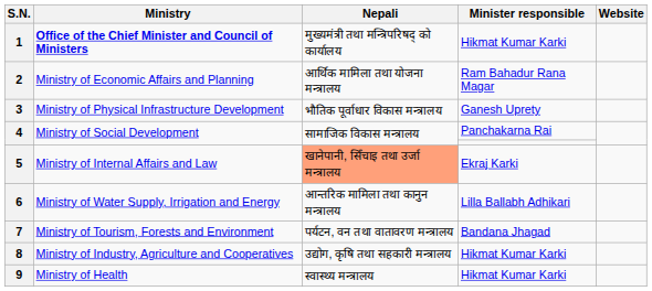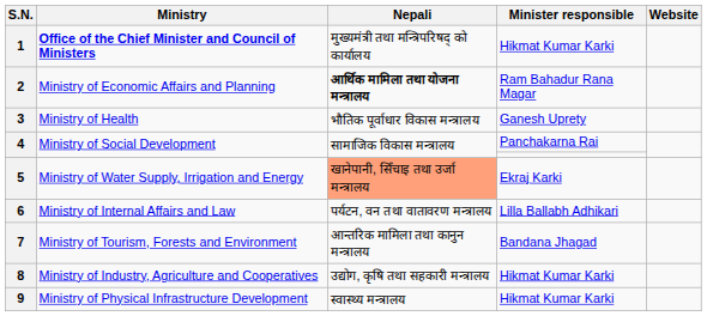 <table class="wikitable">
 <tr>
 <th>S.N.</th>
 <th>Ministry</th>
 <th>Nepali</th>
 <th>Minister responsible</th>
 <th>Website</th>
 </tr>
 <tr>
 <th>1</th>
 <td><strong><a href='#'>Office of the Chief Minister and Council of Ministers</a></strong></td>
 <td>मुख्यमंत्री तथा मन्त्रिपरिषद् को कार्यालय</td>
 <td><a href='#'>Hikmat Kumar Karki</a></td>
 <td></td>
 </tr>
 <tr>
 <th>2</th>
 <td><a href='#'>Ministry of Economic Affairs and Planning</a></td>
-<td>आर्थिक मामिला तथा योजना मन्त्रालय</td>
+<td><strong>आर्थिक मामिला तथा योजना मन्त्रालय</strong></td>
 <td><a href='#'>Ram Bahadur Rana Magar</a></td>
 <td></td>
 </tr>
 <tr>
 <th>3</th>
-<td><a href='#'>Ministry of Physical Infrastructure Development</a></td>
+<td><a href='#'>Ministry of Health</a></td>
 <td>भौतिक पूर्वाधार विकास मन्त्रालय</td>
 <td><a href='#'>Ganesh Uprety</a></td>
 <td></td>
 </tr>
 <tr>
 <th rowspan="2">4</th>
 <td rowspan="2"><a href='#'>Ministry of Social Development</a></td>
 <td rowspan="2">सामाजिक विकास मन्त्रालय</td>
 <td><a href='#'>Panchakarna Rai</a></td>
 <td rowspan="2"></td>
 </tr>
 <tr>
 <td></td>
 </tr>
 <tr>
 <th>5</th>
-<td><a href='#'>Ministry of Internal Affairs and Law</a></td>
+<td><a href='#'>Ministry of Water Supply, Irrigation and Energy</a></td>
 <td style="background: lightsalmon;">खानेपानी, सिँचाइ तथा उर्जा मन्त्रालय</td>
 <td><a href='#'>Ekraj Karki</a></td>
 <td></td>
 </tr>
 <tr>
 <th>6</th>
-<td><a href='#'>Ministry of Water Supply, Irrigation and Energy</a></td>
-<td>आन्तरिक मामिला तथा कानुन मन्त्रालय</td>
+<td><a href='#'>Ministry of Internal Affairs and Law</a></td>
+<td>पर्यटन, वन तथा वातावरण मन्त्रालय</td>
 <td><a href='#'>Lilla Ballabh Adhikari</a></td>
 <td></td>
 </tr>
 <tr>
 <th>7</th>
 <td><a href='#'>Ministry of Tourism, Forests and Environment</a></td>
-<td>पर्यटन, वन तथा वातावरण मन्त्रालय</td>
+<td>आन्तरिक मामिला तथा कानुन मन्त्रालय</td>
 <td><a href='#'>Bandana Jhagad</a></td>
 <td></td>
 </tr>
 <tr>
 <th>8</th>
 <td><a href='#'>Ministry of Industry, Agriculture and Cooperatives</a></td>
 <td>उद्योग, कृषि तथा सहकारी मन्त्रालय</td>
 <td><a href='#'>Hikmat Kumar Karki</a></td>
 <td></td>
 </tr>
 <tr>
 <th>9</th>
-<td><a href='#'>Ministry of Health</a></td>
+<td><a href='#'>Ministry of Physical Infrastructure Development</a></td>
 <td>स्वास्थ्य मन्त्रालय</td>
 <td><a href='#'>Hikmat Kumar Karki</a></td>
 <td></td>
 </tr>
 </table>
